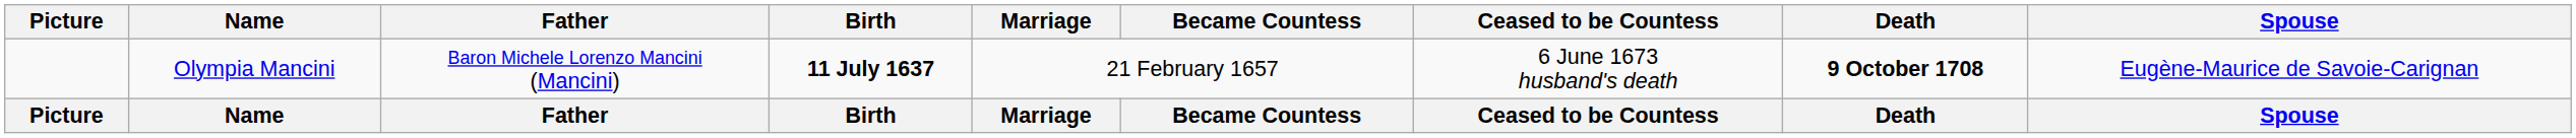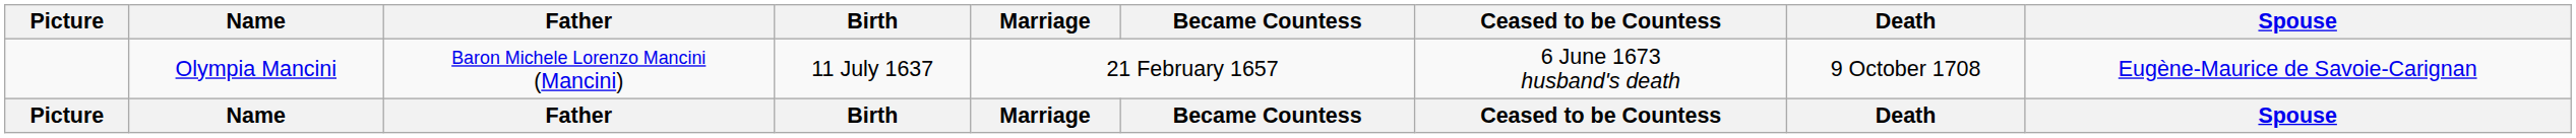 <table style="width:95%;" class="wikitable">
 <tr>
 <th>Picture</th>
 <th>Name</th>
 <th>Father</th>
 <th>Birth</th>
 <th>Marriage</th>
 <th>Became Countess</th>
 <th>Ceased to be Countess</th>
 <th>Death</th>
 <th><a href='#'>Spouse</a></th>
 </tr>
 <tr>
 <td style="text-align:center;"></td>
 <td style="text-align:center;"><a href='#'>Olympia Mancini</a><br></td>
 <td style="text-align:center;"><small><a href='#'>Baron Michele Lorenzo Mancini</a></small><br> (<a href='#'>Mancini</a>)</td>
-<td style="text-align:center;"><strong>11 July 1637</strong></td>
+<td style="text-align:center;">11 July 1637</td>
 <td style="text-align:center;" colspan="2">21 February 1657</td>
 <td style="text-align:center;">6 June 1673<br><em>husband's death</em></td>
-<td style="text-align:center;"><strong>9 October 1708</strong></td>
+<td style="text-align:center;">9 October 1708</td>
 <td style="text-align:center;"><a href='#'>Eugène-Maurice de Savoie-Carignan</a></td>
 </tr>
 <tr>
 <th>Picture</th>
 <th>Name</th>
 <th>Father</th>
 <th>Birth</th>
 <th>Marriage</th>
 <th>Became Countess</th>
 <th>Ceased to be Countess</th>
 <th>Death</th>
 <th><a href='#'>Spouse</a></th>
 </tr>
 </table>
